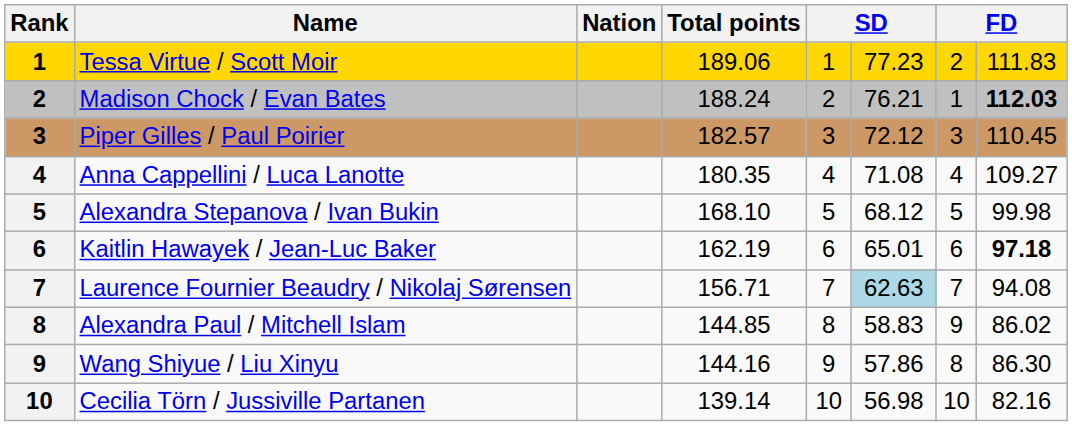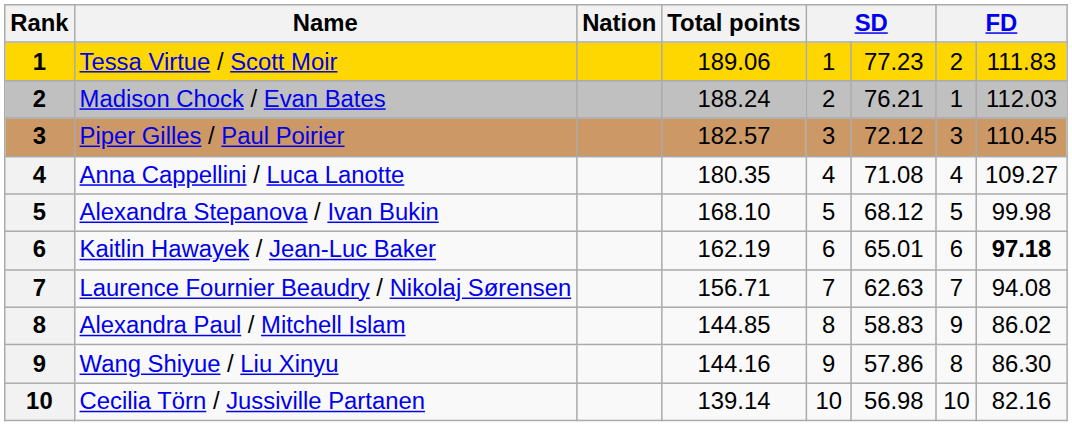 <table class="wikitable sortable">
 <tr>
 <th>Rank</th>
 <th>Name</th>
 <th>Nation</th>
 <th>Total points</th>
 <th colspan="2" width="80px"><a href='#'>SD</a></th>
 <th colspan="2" width="80px"><a href='#'>FD</a></th>
 </tr>
 <tr bgcolor="gold">
 <td align="center"><strong>1</strong></td>
 <td><a href='#'>Tessa Virtue</a> / <a href='#'>Scott Moir</a></td>
 <td></td>
 <td align="center">189.06</td>
 <td align="center">1</td>
 <td align="center">77.23</td>
 <td align="center">2</td>
 <td align="center">111.83</td>
 </tr>
 <tr bgcolor="silver">
 <td align="center"><strong>2</strong></td>
 <td><a href='#'>Madison Chock</a> / <a href='#'>Evan Bates</a></td>
 <td></td>
 <td align="center">188.24</td>
 <td align="center">2</td>
 <td align="center">76.21</td>
 <td align="center">1</td>
-<td align="center"><strong>112.03</strong></td>
+<td align="center">112.03</td>
 </tr>
 <tr bgcolor="cc9966">
 <td align="center"><strong>3</strong></td>
 <td><a href='#'>Piper Gilles</a> / <a href='#'>Paul Poirier</a></td>
 <td></td>
 <td align="center">182.57</td>
 <td align="center">3</td>
 <td align="center">72.12</td>
 <td align="center">3</td>
 <td align="center">110.45</td>
 </tr>
 <tr>
 <th>4</th>
 <td><a href='#'>Anna Cappellini</a> / <a href='#'>Luca Lanotte</a></td>
 <td></td>
 <td align="center">180.35</td>
 <td align="center">4</td>
 <td align="center">71.08</td>
 <td align="center">4</td>
 <td align="center">109.27</td>
 </tr>
 <tr>
 <th>5</th>
 <td><a href='#'>Alexandra Stepanova</a> / <a href='#'>Ivan Bukin</a></td>
 <td></td>
 <td align="center">168.10</td>
 <td align="center">5</td>
 <td align="center">68.12</td>
 <td align="center">5</td>
 <td align="center">99.98</td>
 </tr>
 <tr>
 <th>6</th>
 <td><a href='#'>Kaitlin Hawayek</a> / <a href='#'>Jean-Luc Baker</a></td>
 <td></td>
 <td align="center">162.19</td>
 <td align="center">6</td>
 <td align="center">65.01</td>
 <td align="center">6</td>
 <td align="center"><strong>97.18</strong></td>
 </tr>
 <tr>
 <th>7</th>
 <td><a href='#'>Laurence Fournier Beaudry</a> / <a href='#'>Nikolaj Sørensen</a></td>
 <td></td>
 <td align="center">156.71</td>
 <td align="center">7</td>
-<td align="center" style="background: lightblue;">62.63</td>
+<td align="center">62.63</td>
 <td align="center">7</td>
 <td align="center">94.08</td>
 </tr>
 <tr>
 <th>8</th>
 <td><a href='#'>Alexandra Paul</a> / <a href='#'>Mitchell Islam</a></td>
 <td></td>
 <td align="center">144.85</td>
 <td align="center">8</td>
 <td align="center">58.83</td>
 <td align="center">9</td>
 <td align="center">86.02</td>
 </tr>
 <tr>
 <th>9</th>
 <td><a href='#'>Wang Shiyue</a> / <a href='#'>Liu Xinyu</a></td>
 <td></td>
 <td align="center">144.16</td>
 <td align="center">9</td>
 <td align="center">57.86</td>
 <td align="center">8</td>
 <td align="center">86.30</td>
 </tr>
 <tr>
 <th>10</th>
 <td><a href='#'>Cecilia Törn</a> / <a href='#'>Jussiville Partanen</a></td>
 <td></td>
 <td align="center">139.14</td>
 <td align="center">10</td>
 <td align="center">56.98</td>
 <td align="center">10</td>
 <td align="center">82.16</td>
 </tr>
 </table>
